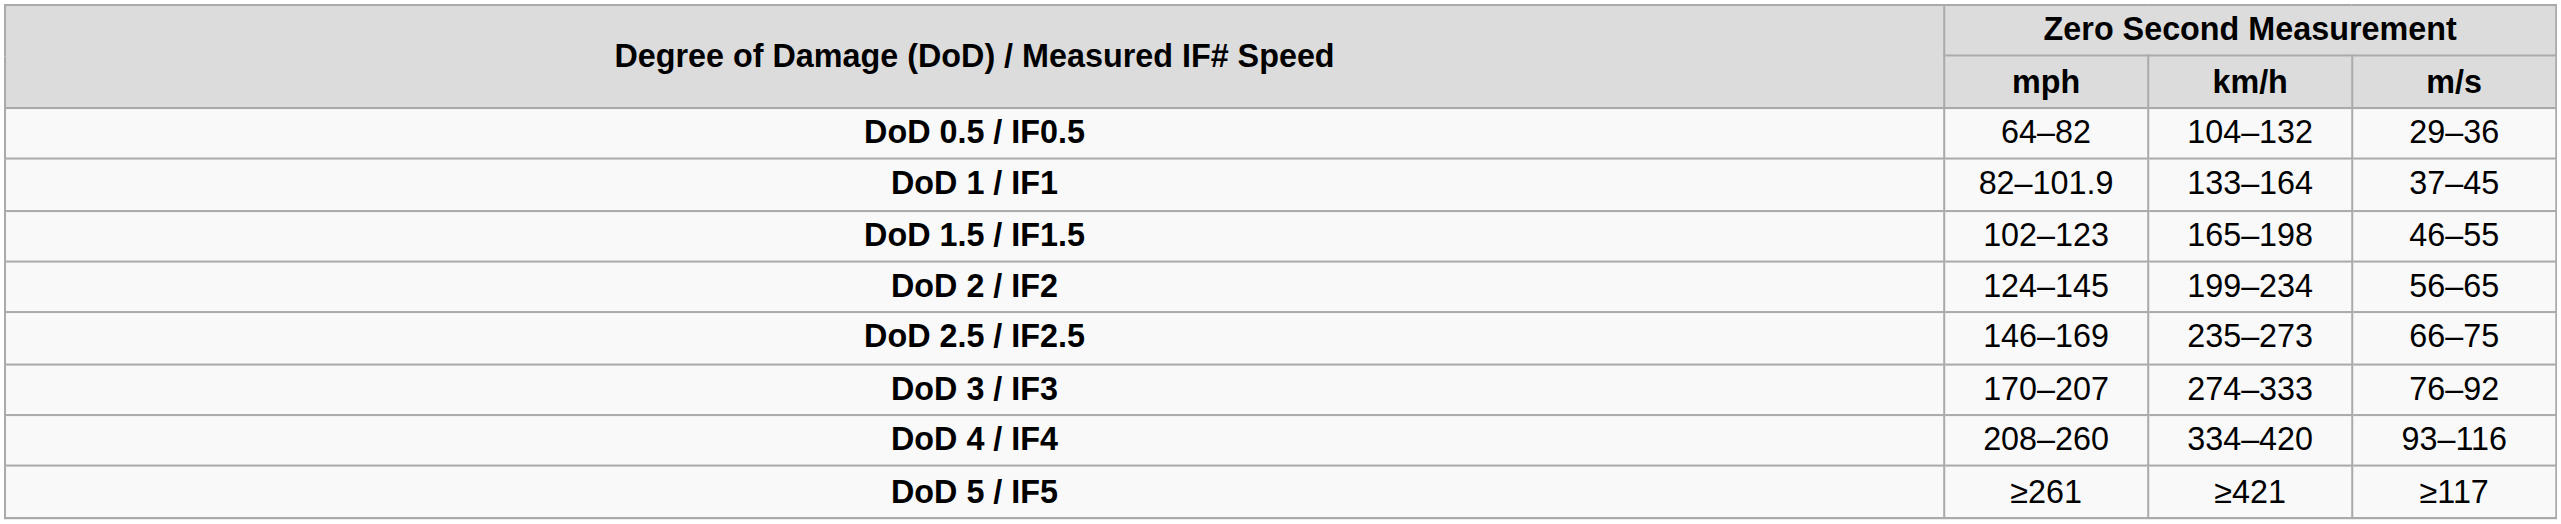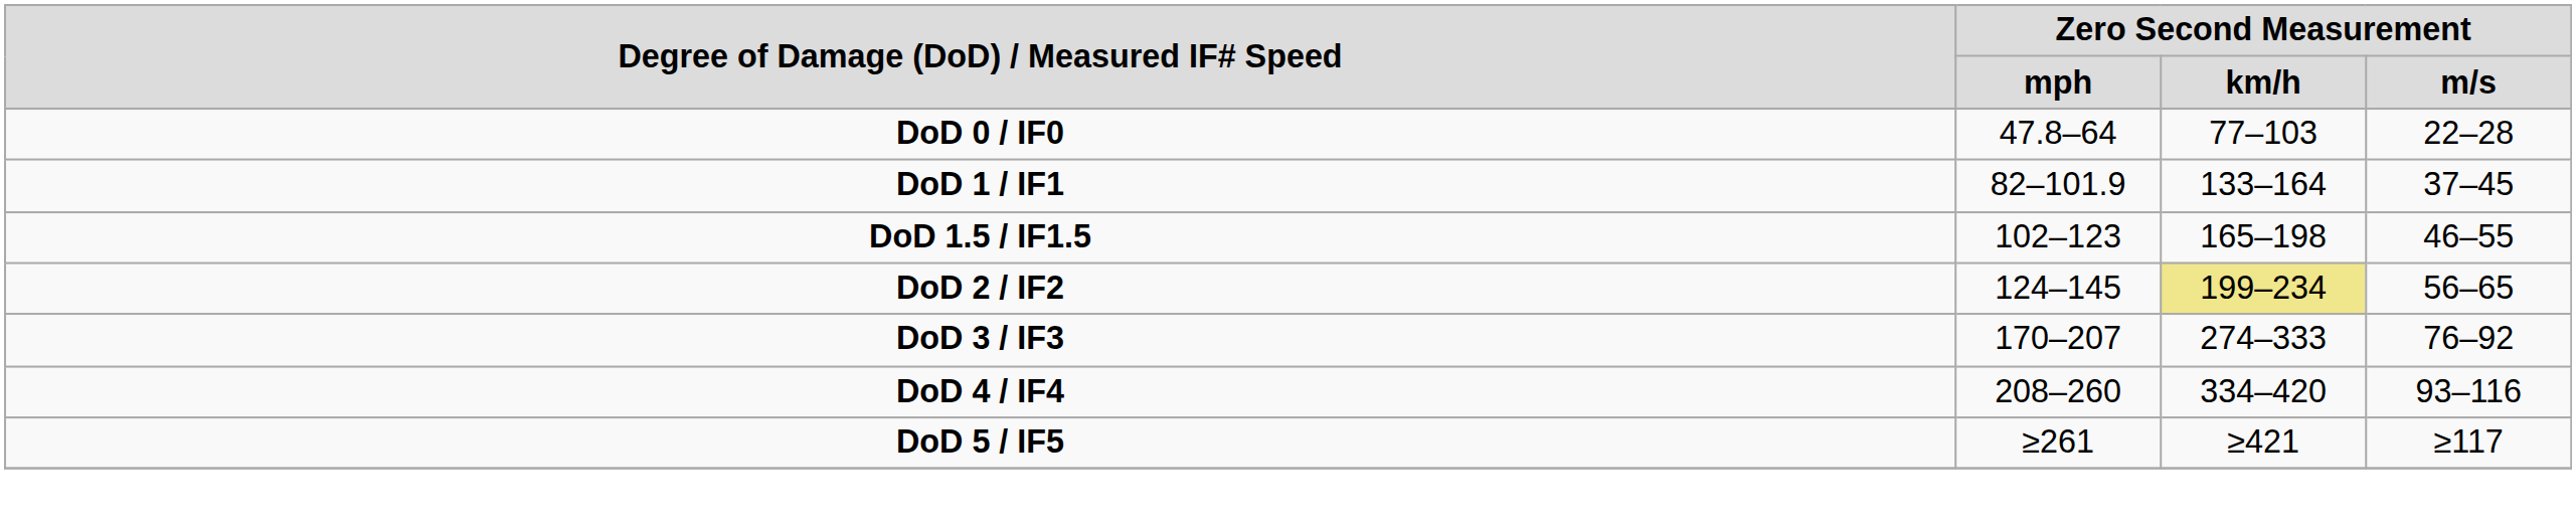 <table class="wikitable" width="100%">
 <tr style="text-align:center; background:gainsboro;">
 <td rowspan="2"><strong>Degree of Damage (DoD) / Measured IF# Speed</strong></td>
 <td colspan="3"><strong>Zero Second Measurement</strong></td>
 </tr>
 <tr style="text-align:center; background:gainsboro;">
 <td><strong>mph</strong></td>
 <td><strong>km/h</strong></td>
 <td><strong>m/s</strong></td>
 </tr>
 <tr>
 </tr>
 <tr>
-<td align="center"><strong>DoD 0.5 / IF0.5</strong></td>
-<td style="text-align:center; width:8%;">64–82</td>
-<td style="text-align:center; width:8%;">104–132</td>
-<td style="text-align:center; width:8%;">29–36</td>
+<td align="center"><strong>DoD 0 / IF0</strong></td>
+<td style="text-align:center; width:8%;">47.8–64</td>
+<td style="text-align:center; width:8%;">77–103</td>
+<td style="text-align:center; width:8%;">22–28</td>
 </tr>
 <tr>
 <td align="center"><strong>DoD 1 / IF1</strong></td>
 <td style="text-align:center; width:8%;">82–101.9</td>
 <td style="text-align:center; width:8%;">133–164</td>
 <td style="text-align:center; width:8%;">37–45</td>
 </tr>
 <tr>
 <td align="center"><strong>DoD 1.5 / IF1.5</strong></td>
 <td style="text-align:center; width:8%;">102–123</td>
 <td style="text-align:center; width:8%;">165–198</td>
 <td style="text-align:center; width:8%;">46–55</td>
 </tr>
 <tr>
 <td align="center"><strong>DoD 2 / IF2</strong></td>
 <td style="text-align:center; width:8%;">124–145</td>
-<td style="text-align:center; width:8%;">199–234</td>
+<td style="background: khaki; text-align:center; width:8%;">199–234</td>
 <td style="text-align:center; width:8%;">56–65</td>
-</tr>
-<tr>
-<td align="center"><strong>DoD 2.5 / IF2.5</strong></td>
-<td style="text-align:center; width:8%;">146–169</td>
-<td style="text-align:center; width:8%;">235–273</td>
-<td style="text-align:center; width:8%;">66–75</td>
 </tr>
 <tr>
 <td align="center"><strong>DoD 3 / IF3</strong></td>
 <td style="text-align:center; width:8%;">170–207</td>
 <td style="text-align:center; width:8%;">274–333</td>
 <td style="text-align:center; width:8%;">76–92</td>
 </tr>
 <tr>
 <td align="center"><strong>DoD 4 / IF4</strong></td>
 <td style="text-align:center; width:8%;">208–260</td>
 <td style="text-align:center; width:8%;">334–420</td>
 <td style="text-align:center; width:8%;">93–116</td>
 </tr>
 <tr>
 <td align="center"><strong>DoD 5 / IF5</strong></td>
 <td style="text-align:center; width:8%;">≥261</td>
 <td style="text-align:center; width:8%;">≥421</td>
 <td style="text-align:center; width:8%;">≥117</td>
 </tr>
 <tr>
 </tr>
 </table>
